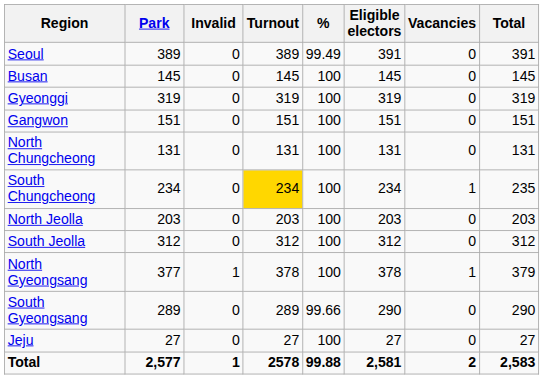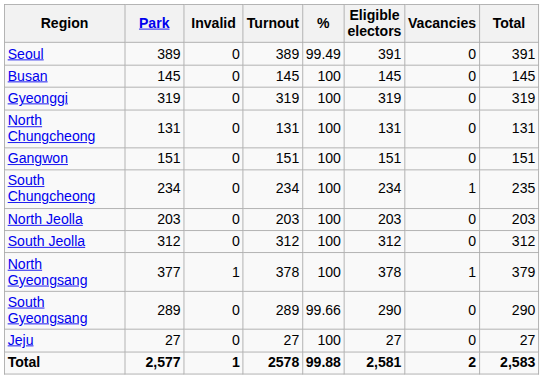 <table class="wikitable" style="text-align:right">
 <tr>
 <th>Region</th>
 <th style="width:60px;"><a href='#'>Park</a></th>
 <th style="width:60px;">Invalid</th>
 <th style="width:60px;">Turnout</th>
 <th>%</th>
 <th style="width:60px;">Eligible electors</th>
 <th style="width:60px;">Vacancies</th>
 <th style="width:60px;">Total</th>
 </tr>
 <tr>
 <td align="left"><a href='#'>Seoul</a></td>
 <td>389</td>
 <td>0</td>
 <td>389</td>
 <td>99.49</td>
 <td>391</td>
 <td>0</td>
 <td>391</td>
 </tr>
 <tr>
 <td align="left"><a href='#'>Busan</a></td>
 <td>145</td>
 <td>0</td>
 <td>145</td>
 <td>100</td>
 <td>145</td>
 <td>0</td>
 <td>145</td>
 </tr>
 <tr>
 <td align="left"><a href='#'>Gyeonggi</a></td>
 <td>319</td>
 <td>0</td>
 <td>319</td>
 <td>100</td>
 <td>319</td>
 <td>0</td>
 <td>319</td>
 </tr>
 <tr>
+<td align="left"><a href='#'>North Chungcheong</a></td>
+<td>131</td>
+<td>0</td>
+<td>131</td>
+<td>100</td>
+<td>131</td>
+<td>0</td>
+<td>131</td>
+</tr>
+<tr>
 <td align="left"><a href='#'>Gangwon</a></td>
 <td>151</td>
 <td>0</td>
 <td>151</td>
 <td>100</td>
 <td>151</td>
 <td>0</td>
 <td>151</td>
 </tr>
 <tr>
-<td align="left"><a href='#'>North Chungcheong</a></td>
-<td>131</td>
-<td>0</td>
-<td>131</td>
-<td>100</td>
-<td>131</td>
-<td>0</td>
-<td>131</td>
-</tr>
-<tr>
 <td align="left"><a href='#'>South Chungcheong</a></td>
 <td>234</td>
 <td>0</td>
-<td style="background: gold;">234</td>
+<td>234</td>
 <td>100</td>
 <td>234</td>
 <td>1</td>
 <td>235</td>
 </tr>
 <tr>
 <td align="left"><a href='#'>North Jeolla</a></td>
 <td>203</td>
 <td>0</td>
 <td>203</td>
 <td>100</td>
 <td>203</td>
 <td>0</td>
 <td>203</td>
 </tr>
 <tr>
 <td align="left"><a href='#'>South Jeolla</a></td>
 <td>312</td>
 <td>0</td>
 <td>312</td>
 <td>100</td>
 <td>312</td>
 <td>0</td>
 <td>312</td>
 </tr>
 <tr>
 <td align="left"><a href='#'>North Gyeongsang</a></td>
 <td>377</td>
 <td>1</td>
 <td>378</td>
 <td>100</td>
 <td>378</td>
 <td>1</td>
 <td>379</td>
 </tr>
 <tr>
 <td align="left"><a href='#'>South Gyeongsang</a></td>
 <td>289</td>
 <td>0</td>
 <td>289</td>
 <td>99.66</td>
 <td>290</td>
 <td>0</td>
 <td>290</td>
 </tr>
 <tr>
 <td align="left"><a href='#'>Jeju</a></td>
 <td>27</td>
 <td>0</td>
 <td>27</td>
 <td>100</td>
 <td>27</td>
 <td>0</td>
 <td>27</td>
 </tr>
 <tr>
 <td align="left"><strong>Total</strong></td>
 <td><strong>2,577</strong></td>
 <td><strong>1</strong></td>
 <td><strong>2578</strong></td>
 <td><strong>99.88</strong></td>
 <td><strong>2,581</strong></td>
 <td><strong>2</strong></td>
 <td><strong>2,583</strong></td>
 </tr>
 </table>
